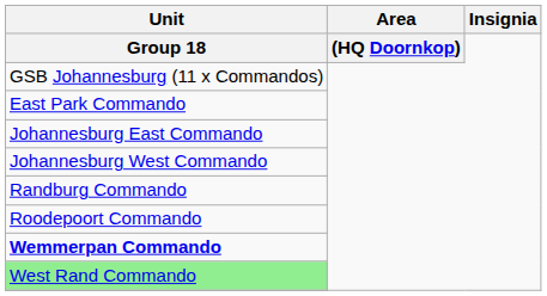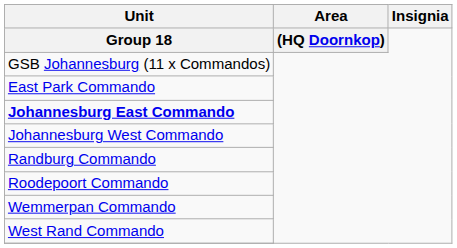 <table class="wikitable">
 <tr>
 <th>Unit</th>
 <th>Area</th>
 <th>Insignia</th>
 </tr>
 <tr>
 <th>Group 18</th>
 <th>(HQ <a href='#'>Doornkop</a>)</th>
 </tr>
 <tr>
 <td>GSB <a href='#'>Johannesburg</a> (11 x Commandos)</td>
 </tr>
 <tr>
 <td><a href='#'>East Park Commando</a></td>
 </tr>
 <tr>
-<td><a href='#'>Johannesburg East Commando</a></td>
+<td><strong><a href='#'>Johannesburg East Commando</a></strong></td>
 </tr>
 <tr>
 <td><a href='#'>Johannesburg West Commando</a></td>
 </tr>
 <tr>
 <td><a href='#'>Randburg Commando</a></td>
 </tr>
 <tr>
 <td><a href='#'>Roodepoort Commando</a></td>
 </tr>
 <tr>
-<td><strong><a href='#'>Wemmerpan Commando</a></strong></td>
+<td><a href='#'>Wemmerpan Commando</a></td>
 </tr>
 <tr>
-<td style="background: lightgreen;"><a href='#'>West Rand Commando</a></td>
+<td><a href='#'>West Rand Commando</a></td>
 </tr>
 <tr>
 </tr>
 </table>
